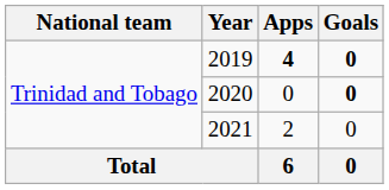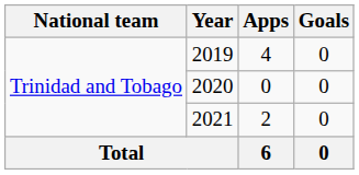 <table class=wikitable style=text-align:center>
 <tr>
 <th>National team</th>
 <th>Year</th>
 <th>Apps</th>
 <th>Goals</th>
 </tr>
 <tr>
 <td rowspan="3"><a href='#'>Trinidad and Tobago</a></td>
 <td>2019</td>
-<td><strong>4</strong></td>
-<td><strong>0</strong></td>
+<td>4</td>
+<td>0</td>
 </tr>
 <tr>
 <td>2020</td>
 <td>0</td>
-<td><strong>0</strong></td>
+<td>0</td>
 </tr>
 <tr>
 <td>2021</td>
 <td>2</td>
 <td>0</td>
 </tr>
 <tr>
 <th colspan="2">Total</th>
 <th>6</th>
 <th>0</th>
 </tr>
 </table>
